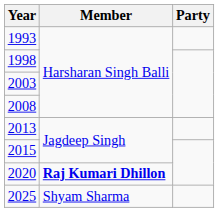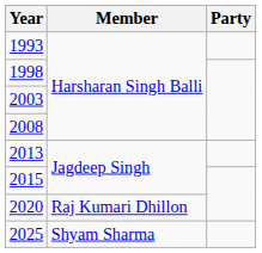 <table class="wikitable">
 <tr>
 <th>Year</th>
 <th>Member</th>
 <th colspan="2">Party</th>
 </tr>
 <tr>
 <td><a href='#'>1993</a></td>
 <td rowspan="4"><a href='#'>Harsharan Singh Balli</a></td>
 <td></td>
 </tr>
 <tr>
 <td><a href='#'>1998</a></td>
 </tr>
 <tr>
 <td><a href='#'>2003</a></td>
 </tr>
 <tr>
 <td><a href='#'>2008</a></td>
 </tr>
 <tr>
 <td><a href='#'>2013</a></td>
 <td rowspan="2"><a href='#'>Jagdeep Singh</a></td>
 <td></td>
 </tr>
 <tr>
 <td><a href='#'>2015</a></td>
 </tr>
 <tr>
 <td><a href='#'>2020</a></td>
-<td><strong><a href='#'>Raj Kumari Dhillon</a></strong></td>
+<td><a href='#'>Raj Kumari Dhillon</a></td>
 </tr>
 <tr>
 <td><a href='#'>2025</a></td>
 <td><a href='#'>Shyam Sharma</a></td>
 <td></td>
 </tr>
 </table>
